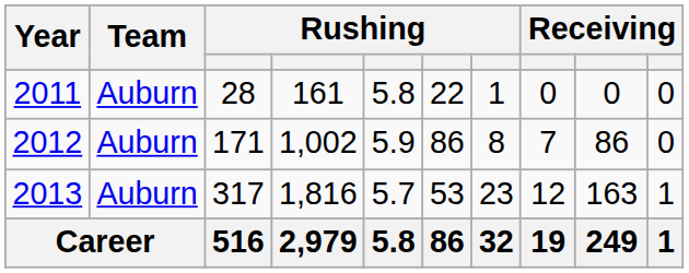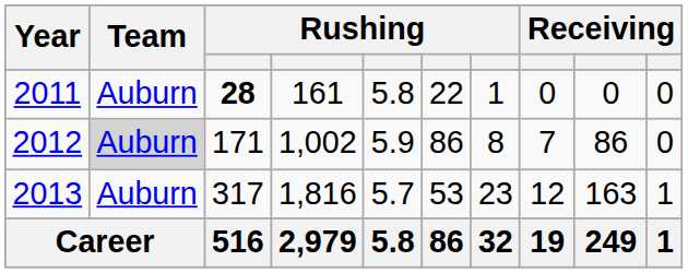 <table class="wikitable sortable" style="text-align:center;">
 <tr>
 <th rowspan="2">Year</th>
 <th rowspan="2">Team</th>
 <th colspan="5">Rushing</th>
 <th colspan="3">Receiving</th>
 </tr>
 <tr>
 <th></th>
 <th></th>
 <th></th>
 <th></th>
 <th></th>
 <th></th>
 <th></th>
 <th></th>
 </tr>
 <tr>
 <td><a href='#'>2011</a></td>
 <td><a href='#'>Auburn</a></td>
-<td>28</td>
+<td><strong>28</strong></td>
 <td>161</td>
 <td>5.8</td>
 <td>22</td>
 <td>1</td>
 <td>0</td>
 <td>0</td>
 <td>0</td>
 </tr>
 <tr>
 <td><a href='#'>2012</a></td>
-<td><a href='#'>Auburn</a></td>
+<td style="background: lightgrey;"><a href='#'>Auburn</a></td>
 <td>171</td>
 <td>1,002</td>
 <td>5.9</td>
 <td>86</td>
 <td>8</td>
 <td>7</td>
 <td>86</td>
 <td>0</td>
 </tr>
 <tr>
 <td><a href='#'>2013</a></td>
 <td><a href='#'>Auburn</a></td>
 <td>317</td>
 <td>1,816</td>
 <td>5.7</td>
 <td>53</td>
 <td>23</td>
 <td>12</td>
 <td>163</td>
 <td>1</td>
 </tr>
 <tr class="sortbottom" style="background:#eee;">
 <th colspan=2>Career</th>
 <th>516</th>
 <th>2,979</th>
 <th>5.8</th>
 <th>86</th>
 <th>32</th>
 <th>19</th>
 <th>249</th>
 <th>1</th>
 </tr>
 </table>
